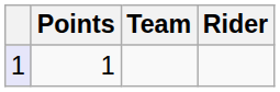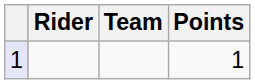 <table class="wikitable">
 <tr>
 <th></th>
+<th>Rider</th>
+<th>Team</th>
 <th>Points</th>
-<th>Team</th>
-<th>Rider</th>
 </tr>
 <tr>
 <td style="background: lavender;">1</td>
-<td align=right>1</td>
 <td></td>
 <td></td>
+<td align=right>1</td>
 </tr>
 </table>
